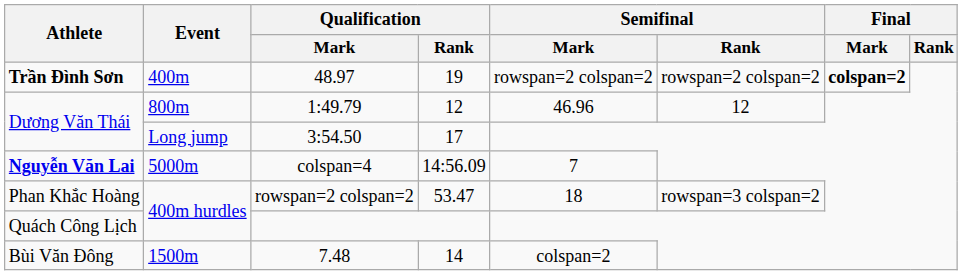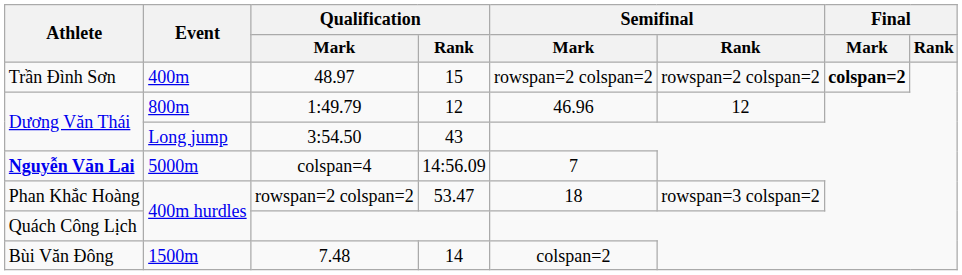 <table class=wikitable style=font-size:90%;text-align:center>
 <tr>
 <th rowspan=2>Athlete</th>
 <th rowspan=2>Event</th>
 <th colspan=2>Qualification</th>
 <th colspan=2>Semifinal</th>
 <th colspan=2>Final</th>
 </tr>
 <tr style="font-size:95%">
 <th>Mark</th>
 <th>Rank</th>
 <th>Mark</th>
 <th>Rank</th>
 <th>Mark</th>
 <th>Rank</th>
 </tr>
 <tr>
-<td align=left><strong>Trần Đình Sơn</strong></td>
+<td align=left>Trần Đình Sơn</td>
 <td align=left><a href='#'>400m</a></td>
 <td>48.97 </td>
-<td>19</td>
+<td>15</td>
 <td>rowspan=2 colspan=2</td>
 <td>rowspan=2 colspan=2</td>
 <td><strong>colspan=2</strong></td>
 </tr>
 <tr>
 <td rowspan=2 align=left><a href='#'>Dương Văn Thái</a></td>
 <td align=left><a href='#'>800m</a></td>
 <td>1:49.79</td>
 <td>12</td>
 <td>46.96</td>
 <td>12</td>
 </tr>
 <tr>
 <td align=left><a href='#'>Long jump</a></td>
 <td>3:54.50</td>
-<td>17</td>
+<td>43</td>
 </tr>
 <tr>
 <td align=left><strong><a href='#'>Nguyễn Văn Lai</a></strong></td>
 <td align=left><a href='#'>5000m</a></td>
 <td>colspan=4</td>
 <td>14:56.09</td>
 <td>7</td>
 </tr>
 <tr>
 <td align=left>Phan Khắc Hoàng</td>
 <td rowspan=2 align=left><a href='#'>400m hurdles</a></td>
 <td>rowspan=2 colspan=2</td>
 <td>53.47</td>
 <td>18</td>
 <td>rowspan=3 colspan=2</td>
 </tr>
 <tr>
 <td align=left>Quách Công Lịch</td>
 <td colspan=2></td>
 </tr>
 <tr>
 <td align=left>Bùi Văn Đông</td>
 <td align=left><a href='#'>1500m</a></td>
 <td>7.48</td>
 <td>14</td>
 <td>colspan=2</td>
 </tr>
 </table>
